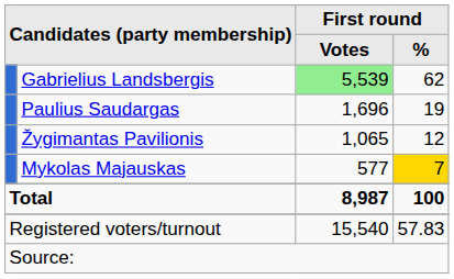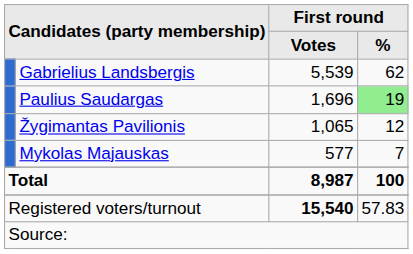 <table class="wikitable" style="text-align:left">
 <tr>
 <th style="background-color:#E9E9E9;text-align:left;" colspan=2 rowspan=2>Candidates (party membership)</th>
 <th style="background-color:#E9E9E9;text-align:center;" colspan=2>First round</th>
 </tr>
 <tr>
 <th style="background-color:#E9E9E9;text-align:center;width:75px;">Votes</th>
 <th style="background-color:#E9E9E9;text-align:center;width:30px;">%</th>
 </tr>
 <tr>
 <td style="background-color:#2F6CD1"></td>
 <td style="text-align:left;"><a href='#'>Gabrielius Landsbergis</a></td>
-<td style="background: lightgreen; text-align:right;">5,539</td>
+<td style="text-align:right;">5,539</td>
 <td style="text-align:right;">62</td>
 </tr>
 <tr>
 <td style="background-color:#2F6CD1"></td>
 <td style="text-align:left;"><a href='#'>Paulius Saudargas</a></td>
 <td style="text-align:right;">1,696</td>
-<td style="text-align:right;">19</td>
+<td style="background: lightgreen; text-align:right;">19</td>
 </tr>
 <tr>
 <td style="background-color:#2F6CD1"></td>
 <td style="text-align:left;"><a href='#'>Žygimantas Pavilionis</a></td>
 <td style="text-align:right;">1,065</td>
 <td style="text-align:right;">12</td>
 </tr>
 <tr>
 <td style="background-color:#2F6CD1"></td>
 <td style="text-align:left;"><a href='#'>Mykolas Majauskas</a></td>
 <td style="text-align:right;">577</td>
-<td style="background: gold; text-align:right;">7</td>
+<td style="text-align:right;">7</td>
 </tr>
 <tr>
 </tr>
 <tr style="text-align:right;">
 <td colspan="2" style="text-align:left;"><strong>Total</strong></td>
 <td><strong>8,987</strong></td>
 <td><strong>100</strong></td>
 </tr>
 <tr>
 </tr>
 <tr style="text-align:right;">
 <td colspan="2" style="text-align:left;">Registered voters/turnout</td>
-<td>15,540</td>
+<td><strong>15,540</strong></td>
 <td>57.83</td>
 </tr>
 <tr>
 <td style="text-align:left;" colspan="8">Source: </td>
 </tr>
 </table>
